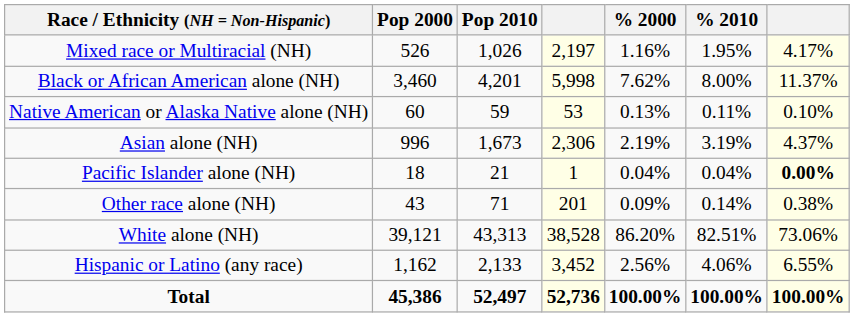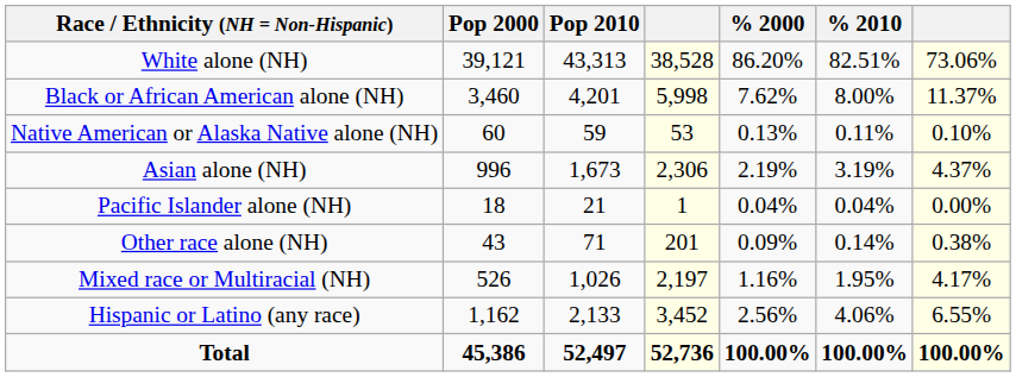 <table class="wikitable" style="text-align:center;">
 <tr>
 <th>Race / Ethnicity <small>(<em>NH = Non-Hispanic</em>)</small></th>
 <th>Pop 2000</th>
 <th>Pop 2010</th>
 <th></th>
 <th>% 2000</th>
 <th>% 2010</th>
 <th></th>
 </tr>
 <tr>
-<td><a href='#'>Mixed race or Multiracial</a> (NH)</td>
-<td>526</td>
-<td>1,026</td>
-<td style='background: #ffffe6;'>2,197</td>
-<td>1.16%</td>
-<td>1.95%</td>
-<td style='background: #ffffe6;'>4.17%</td>
+<td><a href='#'>White</a> alone (NH)</td>
+<td>39,121</td>
+<td>43,313</td>
+<td style='background: #ffffe6;'>38,528</td>
+<td>86.20%</td>
+<td>82.51%</td>
+<td style='background: #ffffe6;'>73.06%</td>
 </tr>
 <tr>
 <td><a href='#'>Black or African American</a> alone (NH)</td>
 <td>3,460</td>
 <td>4,201</td>
 <td style='background: #ffffe6;'>5,998</td>
 <td>7.62%</td>
 <td>8.00%</td>
 <td style='background: #ffffe6;'>11.37%</td>
 </tr>
 <tr>
 <td><a href='#'>Native American</a> or <a href='#'>Alaska Native</a> alone (NH)</td>
 <td>60</td>
 <td>59</td>
 <td style='background: #ffffe6;'>53</td>
 <td>0.13%</td>
 <td>0.11%</td>
 <td style='background: #ffffe6;'>0.10%</td>
 </tr>
 <tr>
 <td><a href='#'>Asian</a> alone (NH)</td>
 <td>996</td>
 <td>1,673</td>
 <td style='background: #ffffe6;'>2,306</td>
 <td>2.19%</td>
 <td>3.19%</td>
 <td style='background: #ffffe6;'>4.37%</td>
 </tr>
 <tr>
 <td><a href='#'>Pacific Islander</a> alone (NH)</td>
 <td>18</td>
 <td>21</td>
 <td style='background: #ffffe6;'>1</td>
 <td>0.04%</td>
 <td>0.04%</td>
-<td style='background: #ffffe6;'><strong>0.00%</strong></td>
+<td style='background: #ffffe6;'>0.00%</td>
 </tr>
 <tr>
 <td><a href='#'>Other race</a> alone (NH)</td>
 <td>43</td>
 <td>71</td>
 <td style='background: #ffffe6;'>201</td>
 <td>0.09%</td>
 <td>0.14%</td>
 <td style='background: #ffffe6;'>0.38%</td>
 </tr>
 <tr>
-<td><a href='#'>White</a> alone (NH)</td>
-<td>39,121</td>
-<td>43,313</td>
-<td style='background: #ffffe6;'>38,528</td>
-<td>86.20%</td>
-<td>82.51%</td>
-<td style='background: #ffffe6;'>73.06%</td>
+<td><a href='#'>Mixed race or Multiracial</a> (NH)</td>
+<td>526</td>
+<td>1,026</td>
+<td style='background: #ffffe6;'>2,197</td>
+<td>1.16%</td>
+<td>1.95%</td>
+<td style='background: #ffffe6;'>4.17%</td>
 </tr>
 <tr>
 <td><a href='#'>Hispanic or Latino</a> (any race)</td>
 <td>1,162</td>
 <td>2,133</td>
 <td style='background: #ffffe6;'>3,452</td>
 <td>2.56%</td>
 <td>4.06%</td>
 <td style='background: #ffffe6;'>6.55%</td>
 </tr>
 <tr>
 <td><strong>Total</strong></td>
 <td><strong>45,386</strong></td>
 <td><strong>52,497</strong></td>
 <td style='background: #ffffe6;'><strong>52,736</strong></td>
 <td><strong>100.00%</strong></td>
 <td><strong>100.00%</strong></td>
 <td style='background: #ffffe6;'><strong>100.00%</strong></td>
 </tr>
 </table>
